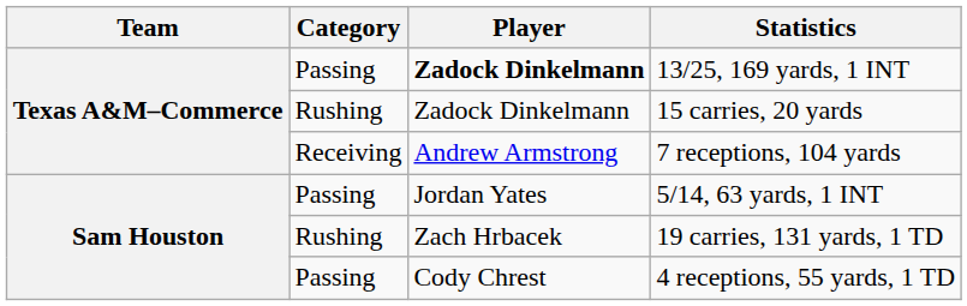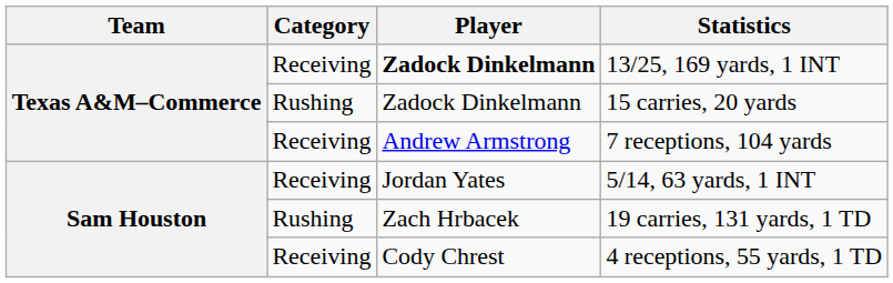 <table class="wikitable" style="float:right">
 <tr>
 <th>Team</th>
 <th>Category</th>
 <th>Player</th>
 <th>Statistics</th>
 </tr>
 <tr>
 <th rowspan=3>Texas A&M–Commerce</th>
-<td>Passing</td>
+<td>Receiving</td>
 <td><strong>Zadock Dinkelmann</strong></td>
 <td>13/25, 169 yards, 1 INT</td>
 </tr>
 <tr>
 <td>Rushing</td>
 <td>Zadock Dinkelmann</td>
 <td>15 carries, 20 yards</td>
 </tr>
 <tr>
 <td>Receiving</td>
 <td><a href='#'>Andrew Armstrong</a></td>
 <td>7 receptions, 104 yards</td>
 </tr>
 <tr>
 <th rowspan=3>Sam Houston</th>
-<td>Passing</td>
+<td>Receiving</td>
 <td>Jordan Yates</td>
 <td>5/14, 63 yards, 1 INT</td>
 </tr>
 <tr>
 <td>Rushing</td>
 <td>Zach Hrbacek</td>
 <td>19 carries, 131 yards, 1 TD</td>
 </tr>
 <tr>
-<td>Passing</td>
+<td>Receiving</td>
 <td>Cody Chrest</td>
 <td>4 receptions, 55 yards, 1 TD</td>
 </tr>
 </table>
